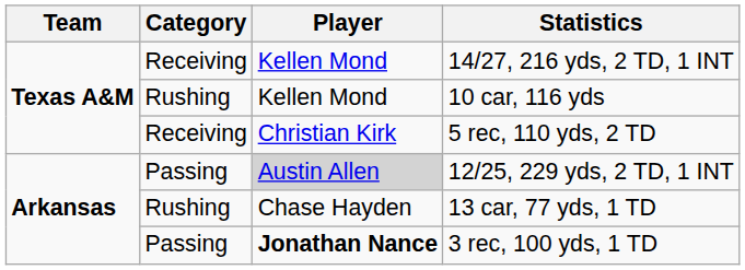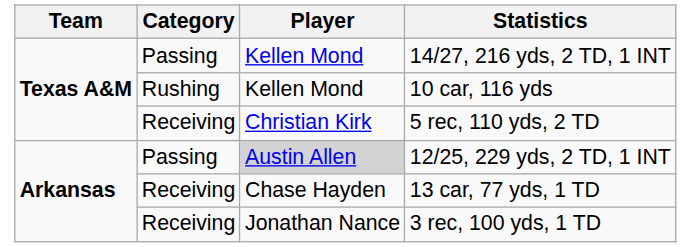 <table class="wikitable" style="float: right;">
 <tr>
 <th>Team</th>
 <th>Category</th>
 <th>Player</th>
 <th>Statistics</th>
 </tr>
 <tr>
 <td rowspan=3><strong>Texas A&M</strong></td>
-<td>Receiving</td>
+<td>Passing</td>
 <td><a href='#'>Kellen Mond</a></td>
 <td>14/27, 216 yds, 2 TD, 1 INT</td>
 </tr>
 <tr>
 <td>Rushing</td>
 <td>Kellen Mond</td>
 <td>10 car, 116 yds</td>
 </tr>
 <tr>
 <td>Receiving</td>
 <td><a href='#'>Christian Kirk</a></td>
 <td>5 rec, 110 yds, 2 TD</td>
 </tr>
 <tr>
 <td rowspan=3><strong>Arkansas</strong></td>
 <td>Passing</td>
 <td style="background: lightgrey;"><a href='#'>Austin Allen</a></td>
 <td>12/25, 229 yds, 2 TD, 1 INT</td>
 </tr>
 <tr>
-<td>Rushing</td>
+<td>Receiving</td>
 <td>Chase Hayden</td>
 <td>13 car, 77 yds, 1 TD</td>
 </tr>
 <tr>
-<td>Passing</td>
-<td><strong>Jonathan Nance</strong></td>
+<td>Receiving</td>
+<td>Jonathan Nance</td>
 <td>3 rec, 100 yds, 1 TD</td>
 </tr>
 </table>
